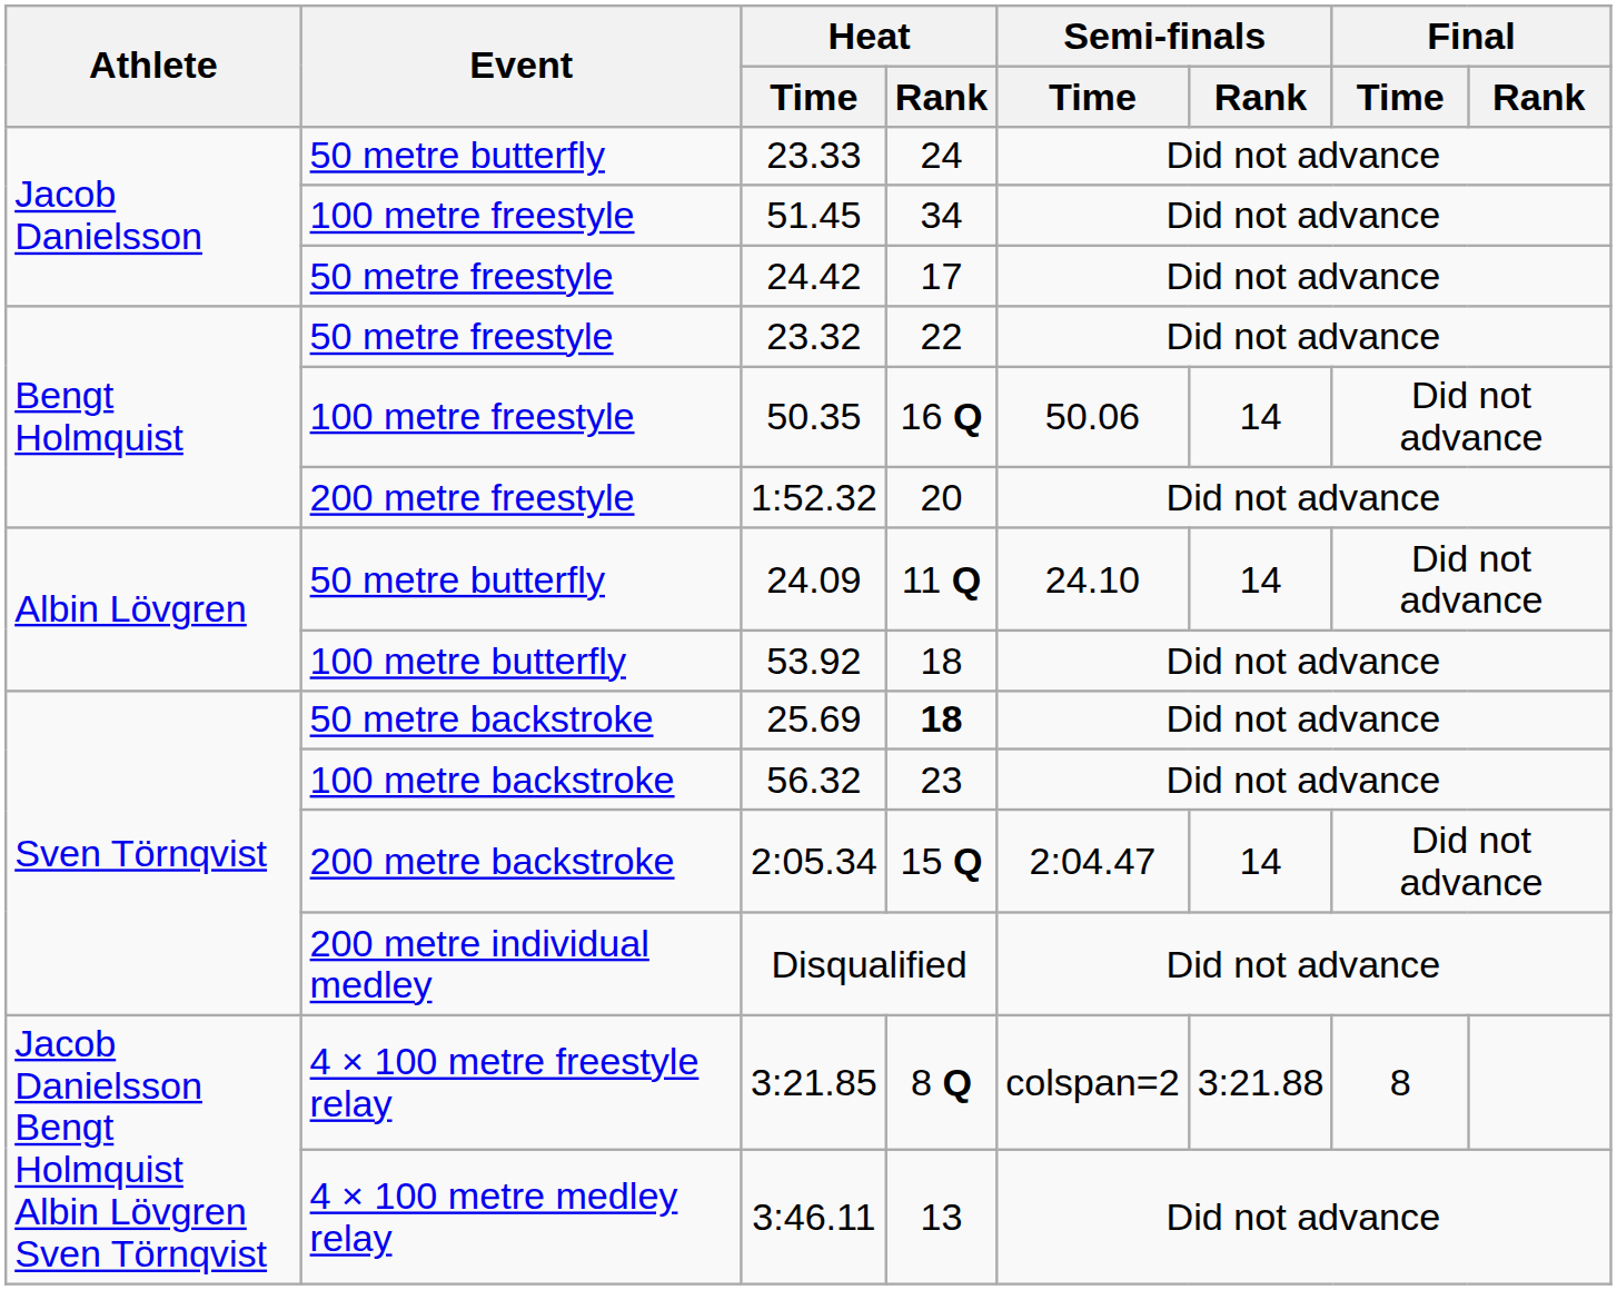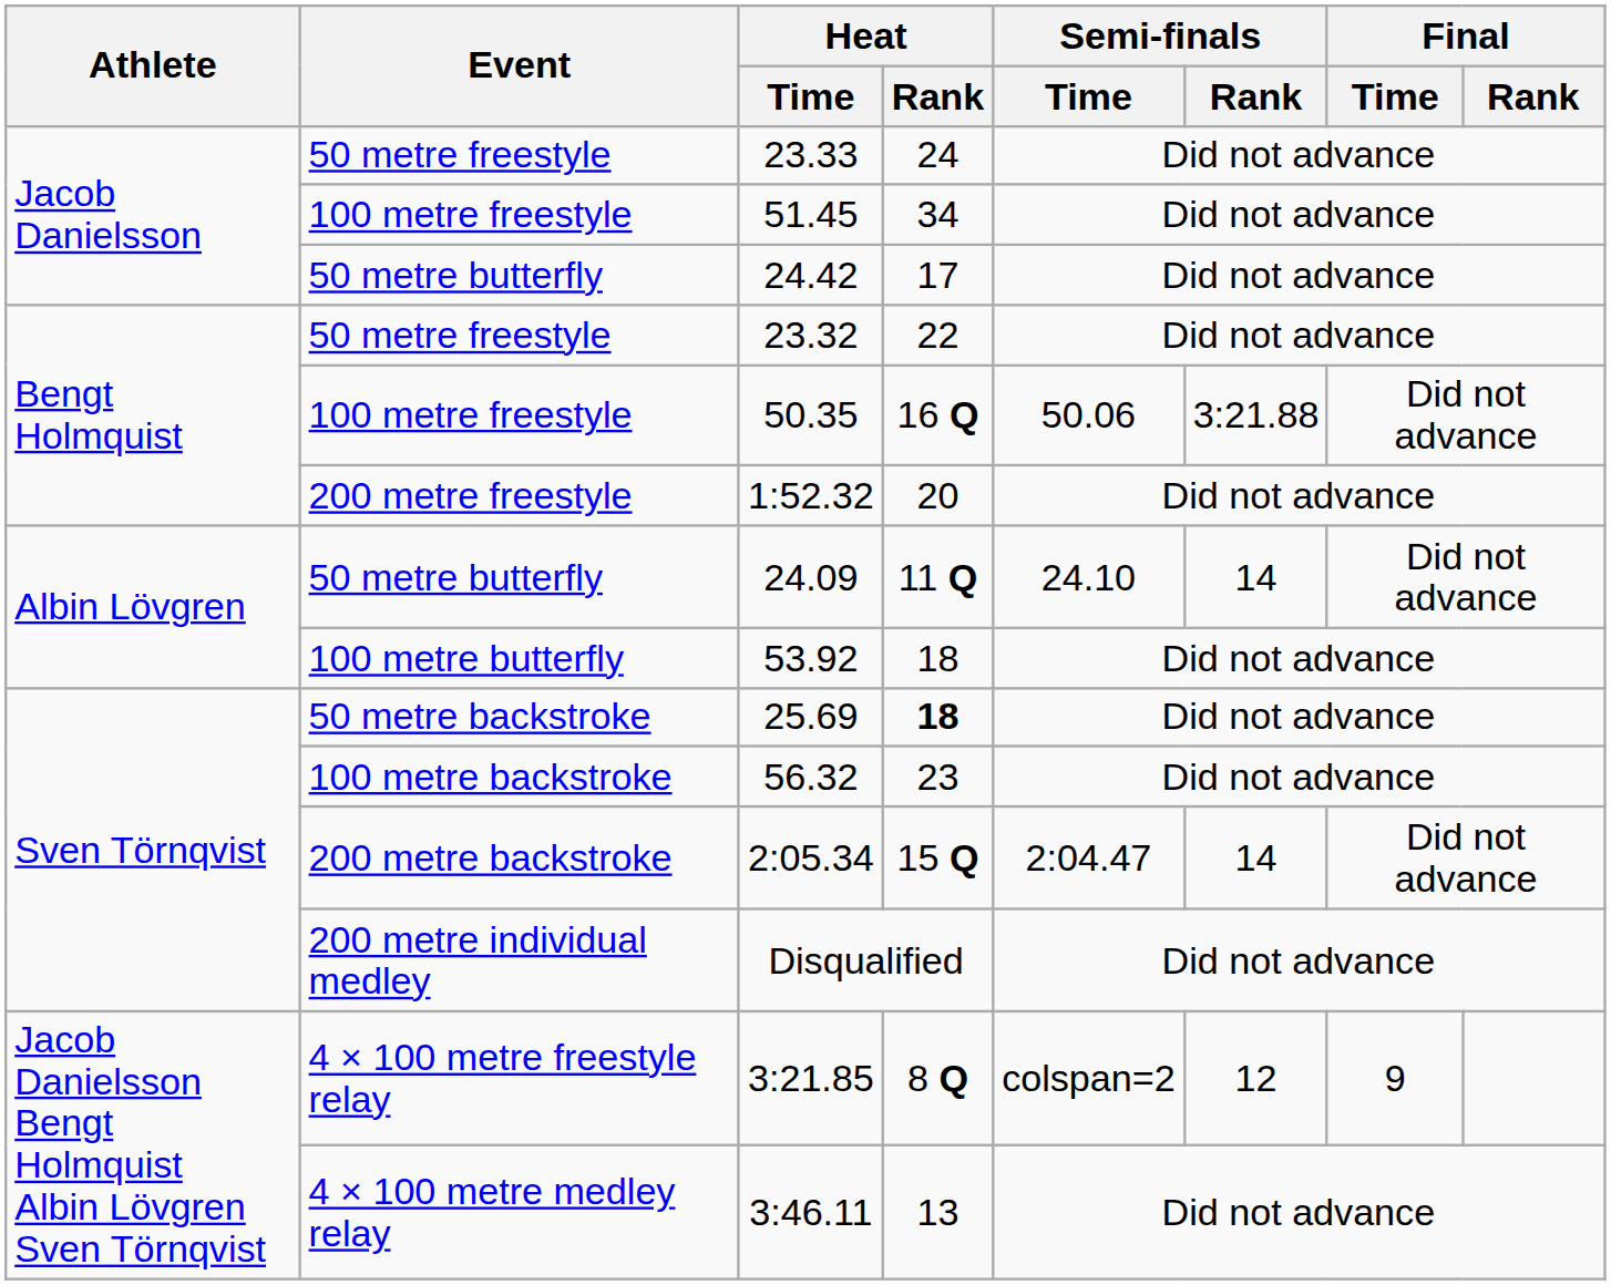 <table class="wikitable" style="font-size:90%; text-align:center">
 <tr>
 <th rowspan="2">Athlete</th>
 <th rowspan="2">Event</th>
 <th colspan="2">Heat</th>
 <th colspan="2">Semi-finals</th>
 <th colspan="2">Final</th>
 </tr>
 <tr>
 <th>Time</th>
 <th>Rank</th>
 <th>Time</th>
 <th>Rank</th>
 <th>Time</th>
 <th>Rank</th>
 </tr>
 <tr>
 <td align="left" rowspan=3><a href='#'>Jacob Danielsson</a></td>
-<td align="left"><a href='#'>50 metre butterfly</a></td>
+<td align="left"><a href='#'>50 metre freestyle</a></td>
 <td>23.33</td>
 <td>24</td>
 <td colspan=4>Did not advance</td>
 </tr>
 <tr>
 <td align="left"><a href='#'>100 metre freestyle</a></td>
 <td>51.45</td>
 <td>34</td>
 <td colspan=4>Did not advance</td>
 </tr>
 <tr>
-<td align="left"><a href='#'>50 metre freestyle</a></td>
+<td align="left"><a href='#'>50 metre butterfly</a></td>
 <td>24.42</td>
 <td>17</td>
 <td colspan=4>Did not advance</td>
 </tr>
 <tr>
 <td align="left" rowspan=3><a href='#'>Bengt Holmquist</a></td>
 <td align="left"><a href='#'>50 metre freestyle</a></td>
 <td>23.32</td>
 <td>22</td>
 <td colspan=4>Did not advance</td>
 </tr>
 <tr>
 <td align="left"><a href='#'>100 metre freestyle</a></td>
 <td>50.35</td>
 <td>16 <strong>Q</strong></td>
 <td>50.06</td>
-<td>14</td>
+<td>3:21.88</td>
 <td colspan=2>Did not advance</td>
 </tr>
 <tr>
 <td align="left"><a href='#'>200 metre freestyle</a></td>
 <td>1:52.32</td>
 <td>20</td>
 <td colspan=4>Did not advance</td>
 </tr>
 <tr>
 <td align="left" rowspan=2><a href='#'>Albin Lövgren</a></td>
 <td align="left"><a href='#'>50 metre butterfly</a></td>
 <td>24.09</td>
 <td>11 <strong>Q</strong></td>
 <td>24.10</td>
 <td>14</td>
 <td colspan=2>Did not advance</td>
 </tr>
 <tr>
 <td align="left"><a href='#'>100 metre butterfly</a></td>
 <td>53.92</td>
 <td>18</td>
 <td colspan=4>Did not advance</td>
 </tr>
 <tr>
 <td align="left" rowspan=4><a href='#'>Sven Törnqvist</a></td>
 <td align="left"><a href='#'>50 metre backstroke</a></td>
 <td>25.69</td>
 <td><strong>18</strong></td>
 <td colspan=4>Did not advance</td>
 </tr>
 <tr>
 <td align="left"><a href='#'>100 metre backstroke</a></td>
 <td>56.32</td>
 <td>23</td>
 <td colspan=4>Did not advance</td>
 </tr>
 <tr>
 <td align="left"><a href='#'>200 metre backstroke</a></td>
 <td>2:05.34</td>
 <td>15 <strong>Q</strong></td>
 <td>2:04.47</td>
 <td>14</td>
 <td colspan=2>Did not advance</td>
 </tr>
 <tr>
 <td align="left"><a href='#'>200 metre individual medley</a></td>
 <td colspan=2>Disqualified</td>
 <td colspan=4>Did not advance</td>
 </tr>
 <tr>
 <td align="left" rowspan=2><a href='#'>Jacob Danielsson</a><br><a href='#'>Bengt Holmquist</a><br><a href='#'>Albin Lövgren</a><br><a href='#'>Sven Törnqvist</a></td>
 <td align="left"><a href='#'>4 × 100 metre freestyle relay</a></td>
 <td>3:21.85</td>
 <td>8 <strong>Q</strong></td>
 <td>colspan=2 </td>
-<td>3:21.88</td>
-<td>8</td>
+<td>12</td>
+<td>9</td>
 </tr>
 <tr>
 <td align="left"><a href='#'>4 × 100 metre medley relay</a></td>
 <td>3:46.11</td>
 <td>13</td>
 <td colspan=4>Did not advance</td>
 </tr>
 </table>
